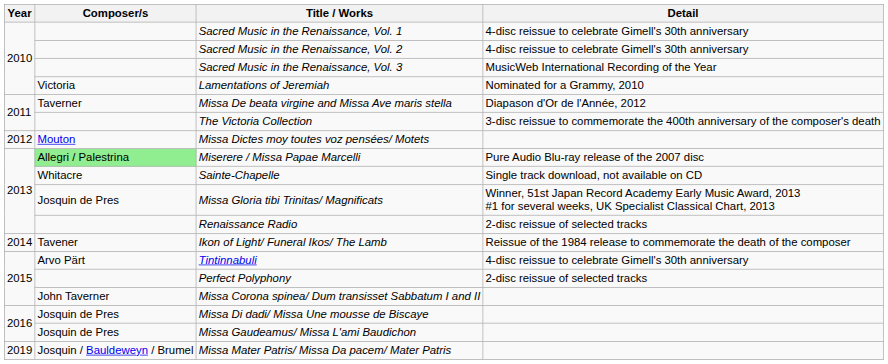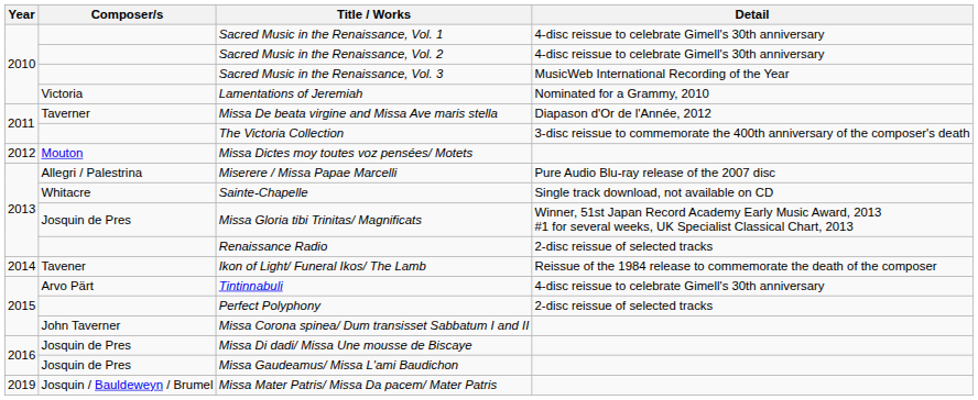 <table class="wikitable sortable">
 <tr>
 <th scope="col">Year</th>
 <th scope="col">Composer/s</th>
 <th scope="col">Title / Works</th>
 <th scope="col">Detail</th>
 </tr>
 <tr>
 <td rowspan="4">2010</td>
 <td></td>
 <td><em>Sacred Music in the Renaissance, Vol. 1</em></td>
 <td>4-disc reissue to celebrate Gimell's 30th anniversary</td>
 </tr>
 <tr>
 <td></td>
 <td><em>Sacred Music in the Renaissance, Vol. 2</em></td>
 <td>4-disc reissue to celebrate Gimell's 30th anniversary</td>
 </tr>
 <tr>
 <td></td>
 <td><em>Sacred Music in the Renaissance, Vol. 3</em></td>
 <td>MusicWeb International Recording of the Year</td>
 </tr>
 <tr>
 <td>Victoria</td>
 <td><em>Lamentations of Jeremiah</em></td>
 <td>Nominated for a Grammy, 2010</td>
 </tr>
 <tr>
 <td rowspan="2">2011</td>
 <td>Taverner</td>
 <td><em>Missa De beata virgine and Missa Ave maris stella</em></td>
 <td>Diapason d'Or de l'Année, 2012</td>
 </tr>
 <tr>
 <td></td>
 <td><em>The Victoria Collection</em></td>
 <td>3-disc reissue to commemorate the 400th anniversary of the composer's death</td>
 </tr>
 <tr>
 <td>2012</td>
 <td><a href='#'>Mouton</a></td>
 <td><em>Missa Dictes moy toutes voz pensées/ Motets</em></td>
 <td></td>
 </tr>
 <tr>
 <td rowspan="4">2013</td>
-<td style="background: lightgreen;">Allegri / Palestrina</td>
+<td>Allegri / Palestrina</td>
 <td><em>Miserere / Missa Papae Marcelli</em></td>
 <td>Pure Audio Blu-ray release of the 2007 disc</td>
 </tr>
 <tr>
 <td>Whitacre</td>
 <td><em>Sainte-Chapelle</em></td>
 <td>Single track download, not available on CD</td>
 </tr>
 <tr>
 <td>Josquin de Pres</td>
 <td><em>Missa Gloria tibi Trinitas/ Magnificats</em></td>
 <td>Winner, 51st Japan Record Academy Early Music Award, 2013<br>#1 for several weeks, UK Specialist Classical Chart, 2013</td>
 </tr>
 <tr>
 <td></td>
 <td><em>Renaissance Radio</em></td>
 <td>2-disc reissue of selected tracks</td>
 </tr>
 <tr>
 <td>2014</td>
 <td>Tavener</td>
 <td><em>Ikon of Light/ Funeral Ikos/ The Lamb</em></td>
 <td>Reissue of the 1984 release to commemorate the death of the composer</td>
 </tr>
 <tr>
 <td rowspan="3">2015</td>
 <td>Arvo Pärt</td>
 <td><em><a href='#'>Tintinnabuli</a></em></td>
 <td>4-disc reissue to celebrate Gimell's 30th anniversary</td>
 </tr>
 <tr>
 <td></td>
 <td><em>Perfect Polyphony</em></td>
 <td>2-disc reissue of selected tracks</td>
 </tr>
 <tr>
 <td>John Taverner</td>
 <td><em>Missa Corona spinea/ Dum transisset Sabbatum I and II</em></td>
 <td></td>
 </tr>
 <tr>
 <td rowspan="2">2016</td>
 <td>Josquin de Pres</td>
 <td><em>Missa Di dadi/ Missa Une mousse de Biscaye</em></td>
 <td></td>
 </tr>
 <tr>
 <td>Josquin de Pres</td>
 <td><em>Missa Gaudeamus/ Missa L'ami Baudichon</em></td>
 <td></td>
 </tr>
 <tr>
 <td>2019</td>
 <td>Josquin / <a href='#'>Bauldeweyn</a> / Brumel</td>
 <td><em>Missa Mater Patris/ Missa Da pacem/ Mater Patris</em></td>
 <td></td>
 </tr>
 </table>
